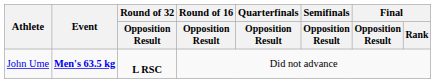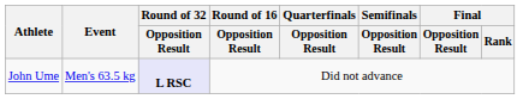 <table class="wikitable" style="font-size:90%">
 <tr>
 <th rowspan="2">Athlete</th>
 <th rowspan="2">Event</th>
 <th>Round of 32</th>
 <th>Round of 16</th>
 <th>Quarterfinals</th>
 <th>Semifinals</th>
 <th colspan=2>Final</th>
 </tr>
 <tr style="font-size:95%">
 <th>Opposition<br>Result</th>
 <th>Opposition<br>Result</th>
 <th>Opposition<br>Result</th>
 <th>Opposition<br>Result</th>
 <th>Opposition<br>Result</th>
 <th>Rank</th>
 </tr>
 <tr align=center>
 <td align=left><a href='#'>John Ume</a></td>
-<td align=left><strong><a href='#'>Men's 63.5 kg</a></strong></td>
-<td> <br><strong>L RSC</strong></td>
+<td align=left><a href='#'>Men's 63.5 kg</a></td>
+<td style="background: lavender;"> <br><strong>L RSC</strong></td>
 <td colspan="5">Did not advance</td>
 </tr>
 </table>
